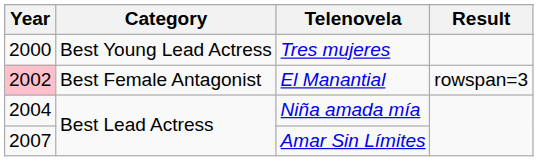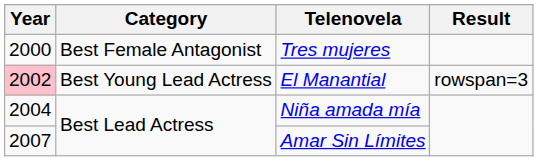 <table class="wikitable">
 <tr style="background:#b0c4de;">
 <th>Year</th>
 <th>Category</th>
 <th>Telenovela</th>
 <th>Result</th>
 </tr>
 <tr>
 <td>2000</td>
-<td>Best Young Lead Actress</td>
+<td>Best Female Antagonist</td>
 <td><em><a href='#'>Tres mujeres</a></em></td>
 <td></td>
 </tr>
 <tr>
 <td style="background: pink;">2002</td>
-<td>Best Female Antagonist</td>
+<td>Best Young Lead Actress</td>
 <td><em><a href='#'>El Manantial</a></em></td>
 <td>rowspan=3 </td>
 </tr>
 <tr>
 <td>2004</td>
 <td rowspan=2>Best Lead Actress</td>
 <td><em><a href='#'>Niña amada mía</a></em></td>
 </tr>
 <tr>
 <td>2007</td>
 <td><em><a href='#'>Amar Sin Límites</a></em></td>
 </tr>
 </table>
